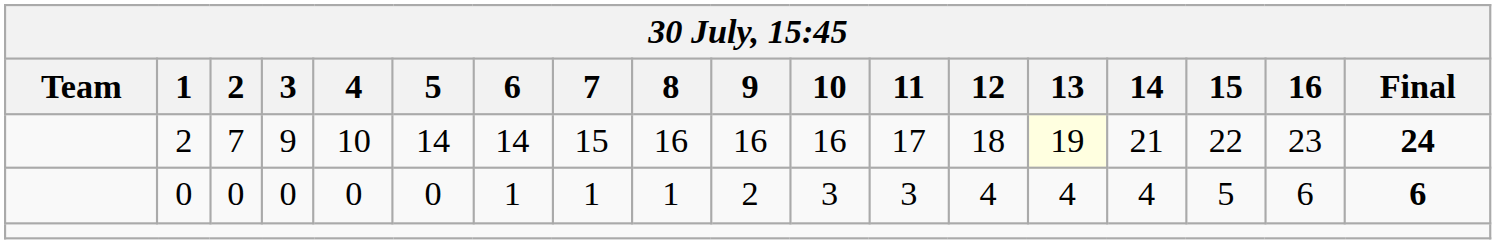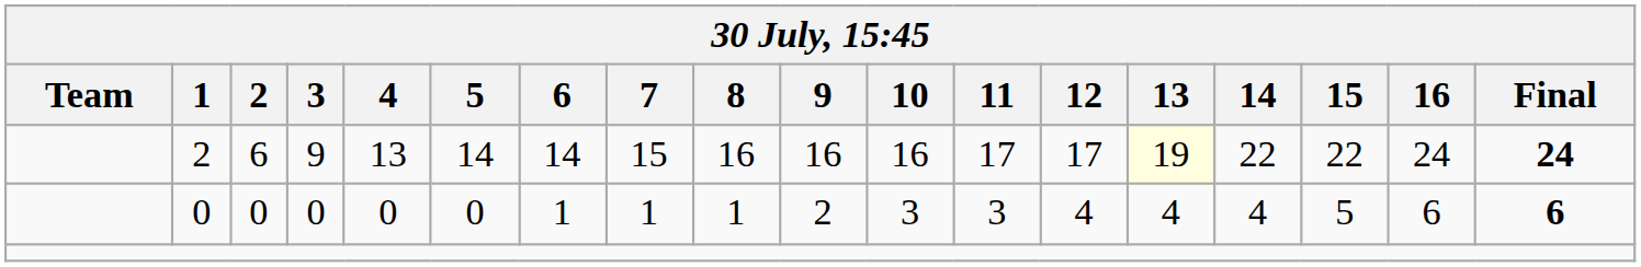 <table class=wikitable style="text-align:center; width: 55%">
 <tr>
 <th colspan=20><em>30 July, 15:45</em></th>
 </tr>
 <tr>
 <th>Team</th>
 <th>1</th>
 <th>2</th>
 <th>3</th>
 <th>4</th>
 <th>5</th>
 <th>6</th>
 <th>7</th>
 <th>8</th>
 <th>9</th>
 <th>10</th>
 <th>11</th>
 <th>12</th>
 <th>13</th>
 <th>14</th>
 <th>15</th>
 <th>16</th>
 <th>Final</th>
 </tr>
 <tr>
 <td align=left><strong></strong></td>
 <td>2</td>
-<td>7</td>
+<td>6</td>
 <td>9</td>
-<td>10</td>
+<td>13</td>
 <td>14</td>
 <td>14</td>
 <td>15</td>
 <td>16</td>
 <td>16</td>
 <td>16</td>
 <td>17</td>
-<td>18</td>
+<td>17</td>
 <td style="background: lightyellow;">19</td>
-<td>21</td>
 <td>22</td>
-<td>23</td>
+<td>22</td>
+<td>24</td>
 <td><strong>24</strong></td>
 </tr>
 <tr>
 <td align=left></td>
 <td>0</td>
 <td>0</td>
 <td>0</td>
 <td>0</td>
 <td>0</td>
 <td>1</td>
 <td>1</td>
 <td>1</td>
 <td>2</td>
 <td>3</td>
 <td>3</td>
 <td>4</td>
 <td>4</td>
 <td>4</td>
 <td>5</td>
 <td>6</td>
 <td><strong>6</strong></td>
 </tr>
 <tr>
 <td colspan=20></td>
 </tr>
 </table>
